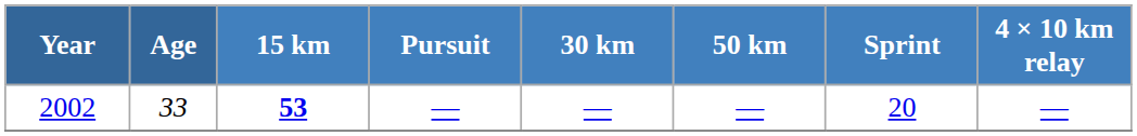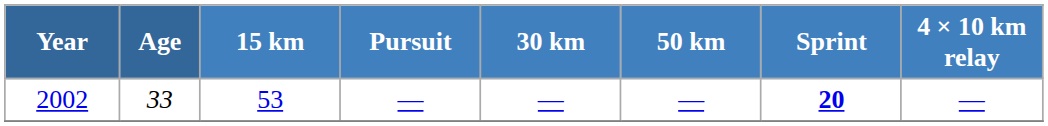 <table class="wikitable" style="font-size:95%; text-align:center; border:grey solid 1px; border-collapse:collapse; background:#ffffff;">
 <tr>
 <th style="background-color:#369; color:white; width:60px;"> Year </th>
 <th style="background-color:#369; color:white; width:40px;"> Age </th>
 <th style="background-color:#4180be; color:white; width:75px;"> 15 km </th>
 <th style="background-color:#4180be; color:white; width:75px;"> Pursuit </th>
 <th style="background-color:#4180be; color:white; width:75px;"> 30 km </th>
 <th style="background-color:#4180be; color:white; width:75px;"> 50 km </th>
 <th style="background-color:#4180be; color:white; width:75px;"> Sprint </th>
 <th style="background-color:#4180be; color:white; width:75px;"> 4 × 10 km <br> relay </th>
 </tr>
 <tr>
 <td><a href='#'>2002</a></td>
 <td><em>33</em></td>
-<td><strong><a href='#'>53</a></strong></td>
+<td><a href='#'>53</a></td>
 <td><a href='#'>—</a></td>
 <td><a href='#'>—</a></td>
 <td><a href='#'>—</a></td>
-<td><a href='#'>20</a></td>
+<td><strong><a href='#'>20</a></strong></td>
 <td><a href='#'>—</a></td>
 </tr>
 <tr>
 </tr>
 </table>
